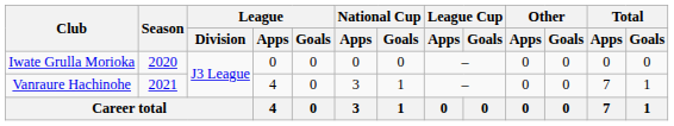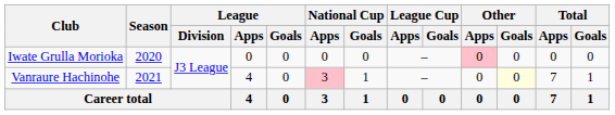 <table class="wikitable" style="text-align: center">
 <tr>
 <th rowspan="2">Club</th>
 <th rowspan="2">Season</th>
 <th colspan="3">League</th>
 <th colspan="2">National Cup</th>
 <th colspan="2">League Cup</th>
 <th colspan="2">Other</th>
 <th colspan="2">Total</th>
 </tr>
 <tr>
 <th>Division</th>
 <th>Apps</th>
 <th>Goals</th>
 <th>Apps</th>
 <th>Goals</th>
 <th>Apps</th>
 <th>Goals</th>
 <th>Apps</th>
 <th>Goals</th>
 <th>Apps</th>
 <th>Goals</th>
 </tr>
 <tr>
 <td><a href='#'>Iwate Grulla Morioka</a></td>
 <td><a href='#'>2020</a></td>
 <td rowspan="2"><a href='#'>J3 League</a></td>
 <td>0</td>
 <td>0</td>
 <td>0</td>
 <td>0</td>
 <td colspan="2">–</td>
-<td>0</td>
+<td style="background: pink;">0</td>
 <td>0</td>
 <td>0</td>
 <td>0</td>
 </tr>
 <tr>
 <td><a href='#'>Vanraure Hachinohe</a></td>
 <td><a href='#'>2021</a></td>
 <td>4</td>
 <td>0</td>
-<td>3</td>
+<td style="background: pink;">3</td>
 <td>1</td>
 <td colspan="2">–</td>
 <td>0</td>
-<td>0</td>
+<td style="background: lightyellow;">0</td>
 <td>7</td>
 <td>1</td>
 </tr>
 <tr>
 <th colspan=3>Career total</th>
 <th>4</th>
 <th>0</th>
 <th>3</th>
 <th>1</th>
 <th>0</th>
 <th>0</th>
 <th>0</th>
 <th>0</th>
 <th>7</th>
 <th>1</th>
 </tr>
 </table>
